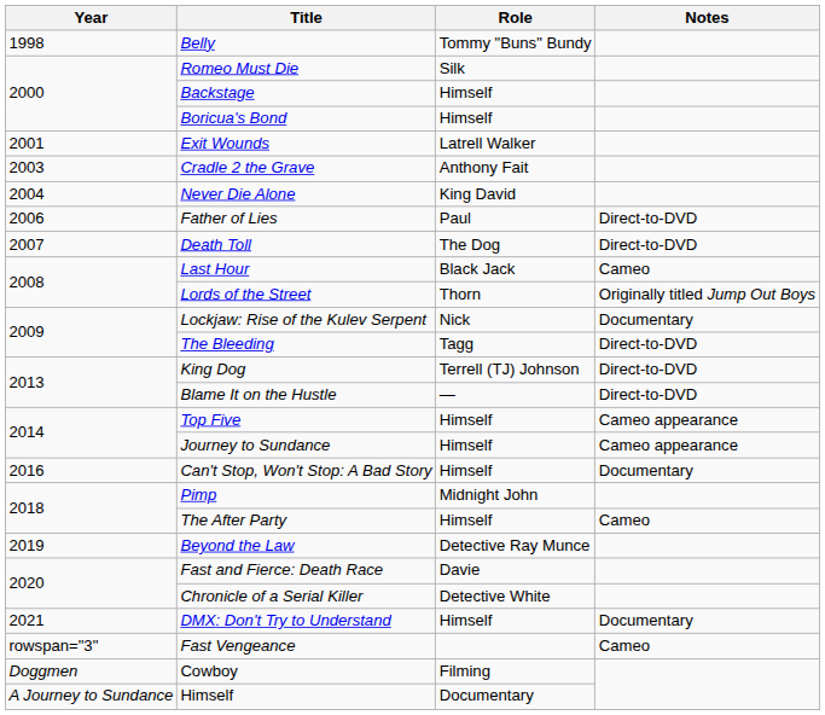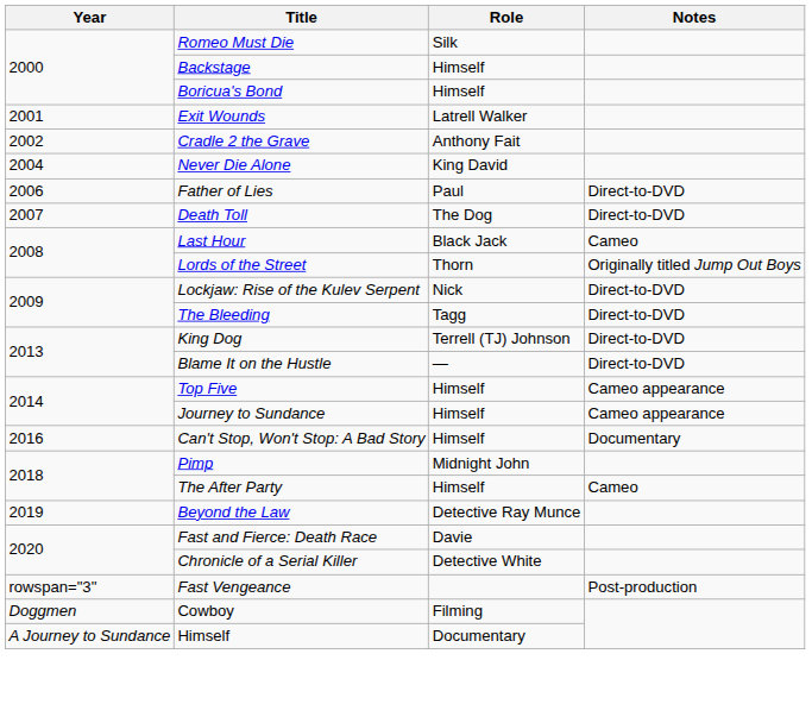 <table class="wikitable sortable">
 <tr>
 <th>Year</th>
 <th>Title</th>
 <th>Role</th>
 <th class="unsortable">Notes</th>
-</tr>
-<tr>
-<td>1998</td>
-<td><em><a href='#'>Belly</a></em></td>
-<td>Tommy "Buns" Bundy</td>
-<td></td>
 </tr>
 <tr>
 <td rowspan="3">2000</td>
 <td><em><a href='#'>Romeo Must Die</a></em></td>
 <td>Silk</td>
 <td></td>
 </tr>
 <tr>
 <td><em><a href='#'>Backstage</a></em></td>
 <td>Himself</td>
 <td></td>
 </tr>
 <tr>
 <td><em><a href='#'>Boricua's Bond</a></em></td>
 <td>Himself</td>
 <td></td>
 </tr>
 <tr>
 <td>2001</td>
 <td><em><a href='#'>Exit Wounds</a></em></td>
 <td>Latrell Walker</td>
 <td></td>
 </tr>
 <tr>
-<td>2003</td>
+<td>2002</td>
 <td><em><a href='#'>Cradle 2 the Grave</a></em></td>
 <td>Anthony Fait</td>
 <td></td>
 </tr>
 <tr>
 <td>2004</td>
 <td><em><a href='#'>Never Die Alone</a></em></td>
 <td>King David</td>
 <td></td>
 </tr>
 <tr>
 <td>2006</td>
 <td><em>Father of Lies</em></td>
 <td>Paul</td>
 <td>Direct-to-DVD</td>
 </tr>
 <tr>
 <td>2007</td>
 <td><em><a href='#'>Death Toll</a></em></td>
 <td>The Dog</td>
 <td>Direct-to-DVD</td>
 </tr>
 <tr>
 <td rowspan="2">2008</td>
 <td><em><a href='#'>Last Hour</a></em></td>
 <td>Black Jack</td>
 <td>Cameo</td>
 </tr>
 <tr>
 <td><em><a href='#'>Lords of the Street</a></em></td>
 <td>Thorn</td>
 <td>Originally titled <em>Jump Out Boys</em></td>
 </tr>
 <tr>
 <td rowspan="2">2009</td>
 <td><em>Lockjaw: Rise of the Kulev Serpent</em></td>
 <td>Nick</td>
-<td>Documentary</td>
+<td>Direct-to-DVD</td>
 </tr>
 <tr>
 <td><em><a href='#'>The Bleeding</a></em></td>
 <td>Tagg</td>
 <td>Direct-to-DVD</td>
 </tr>
 <tr>
 <td rowspan="2">2013</td>
 <td><em>King Dog</em></td>
 <td>Terrell (TJ) Johnson</td>
 <td>Direct-to-DVD</td>
 </tr>
 <tr>
 <td><em>Blame It on the Hustle</em></td>
 <td>—</td>
 <td>Direct-to-DVD</td>
 </tr>
 <tr>
 <td rowspan="2">2014</td>
 <td><em><a href='#'>Top Five</a></em></td>
 <td>Himself</td>
 <td>Cameo appearance</td>
 </tr>
 <tr>
 <td><em>Journey to Sundance</em></td>
 <td>Himself</td>
 <td>Cameo appearance</td>
 </tr>
 <tr>
 <td>2016</td>
 <td><em>Can't Stop, Won't Stop: A Bad Story</em></td>
 <td>Himself</td>
 <td>Documentary</td>
 </tr>
 <tr>
 <td rowspan=2>2018</td>
 <td><em><a href='#'>Pimp</a></em></td>
 <td>Midnight John</td>
 <td></td>
 </tr>
 <tr>
 <td><em>The After Party</em></td>
 <td>Himself</td>
 <td>Cameo</td>
 </tr>
 <tr>
 <td>2019</td>
 <td><em><a href='#'>Beyond the Law</a></em></td>
 <td>Detective Ray Munce</td>
 <td></td>
 </tr>
 <tr>
 <td rowspan="2">2020</td>
 <td><em>Fast and Fierce: Death Race</em></td>
 <td>Davie</td>
 <td></td>
 </tr>
 <tr>
 <td><em>Chronicle of a Serial Killer</em></td>
 <td>Detective White</td>
 <td></td>
 </tr>
 <tr>
-<td>2021</td>
-<td><em><a href='#'>DMX: Don't Try to Understand</a></em></td>
-<td>Himself</td>
-<td>Documentary</td>
-</tr>
-<tr>
 <td>rowspan="3" </td>
 <td><em>Fast Vengeance</em></td>
 <td></td>
-<td>Cameo</td>
+<td>Post-production</td>
 </tr>
 <tr>
 <td><em>Doggmen</em></td>
 <td>Cowboy</td>
 <td>Filming</td>
 </tr>
 <tr>
 <td><em>A Journey to Sundance</em></td>
 <td>Himself</td>
 <td>Documentary</td>
 </tr>
 </table>
